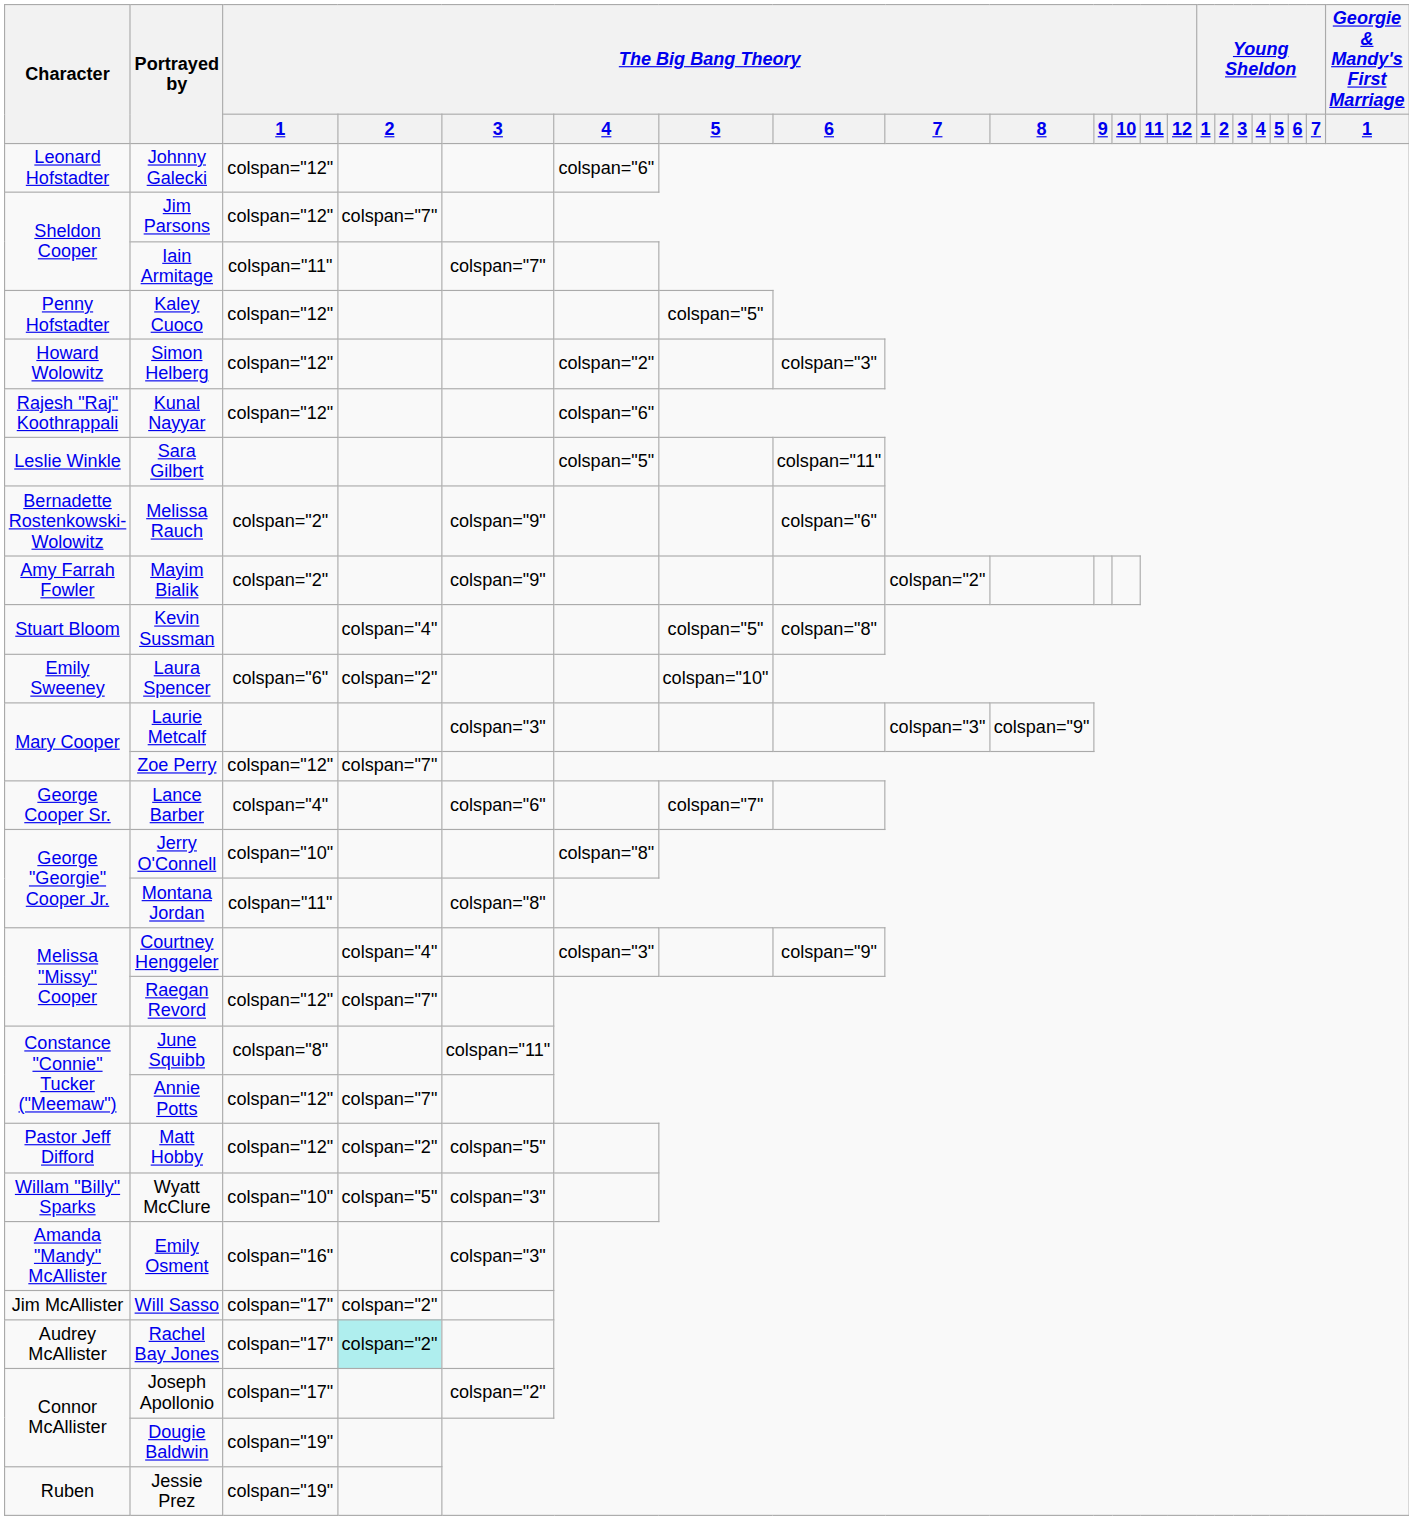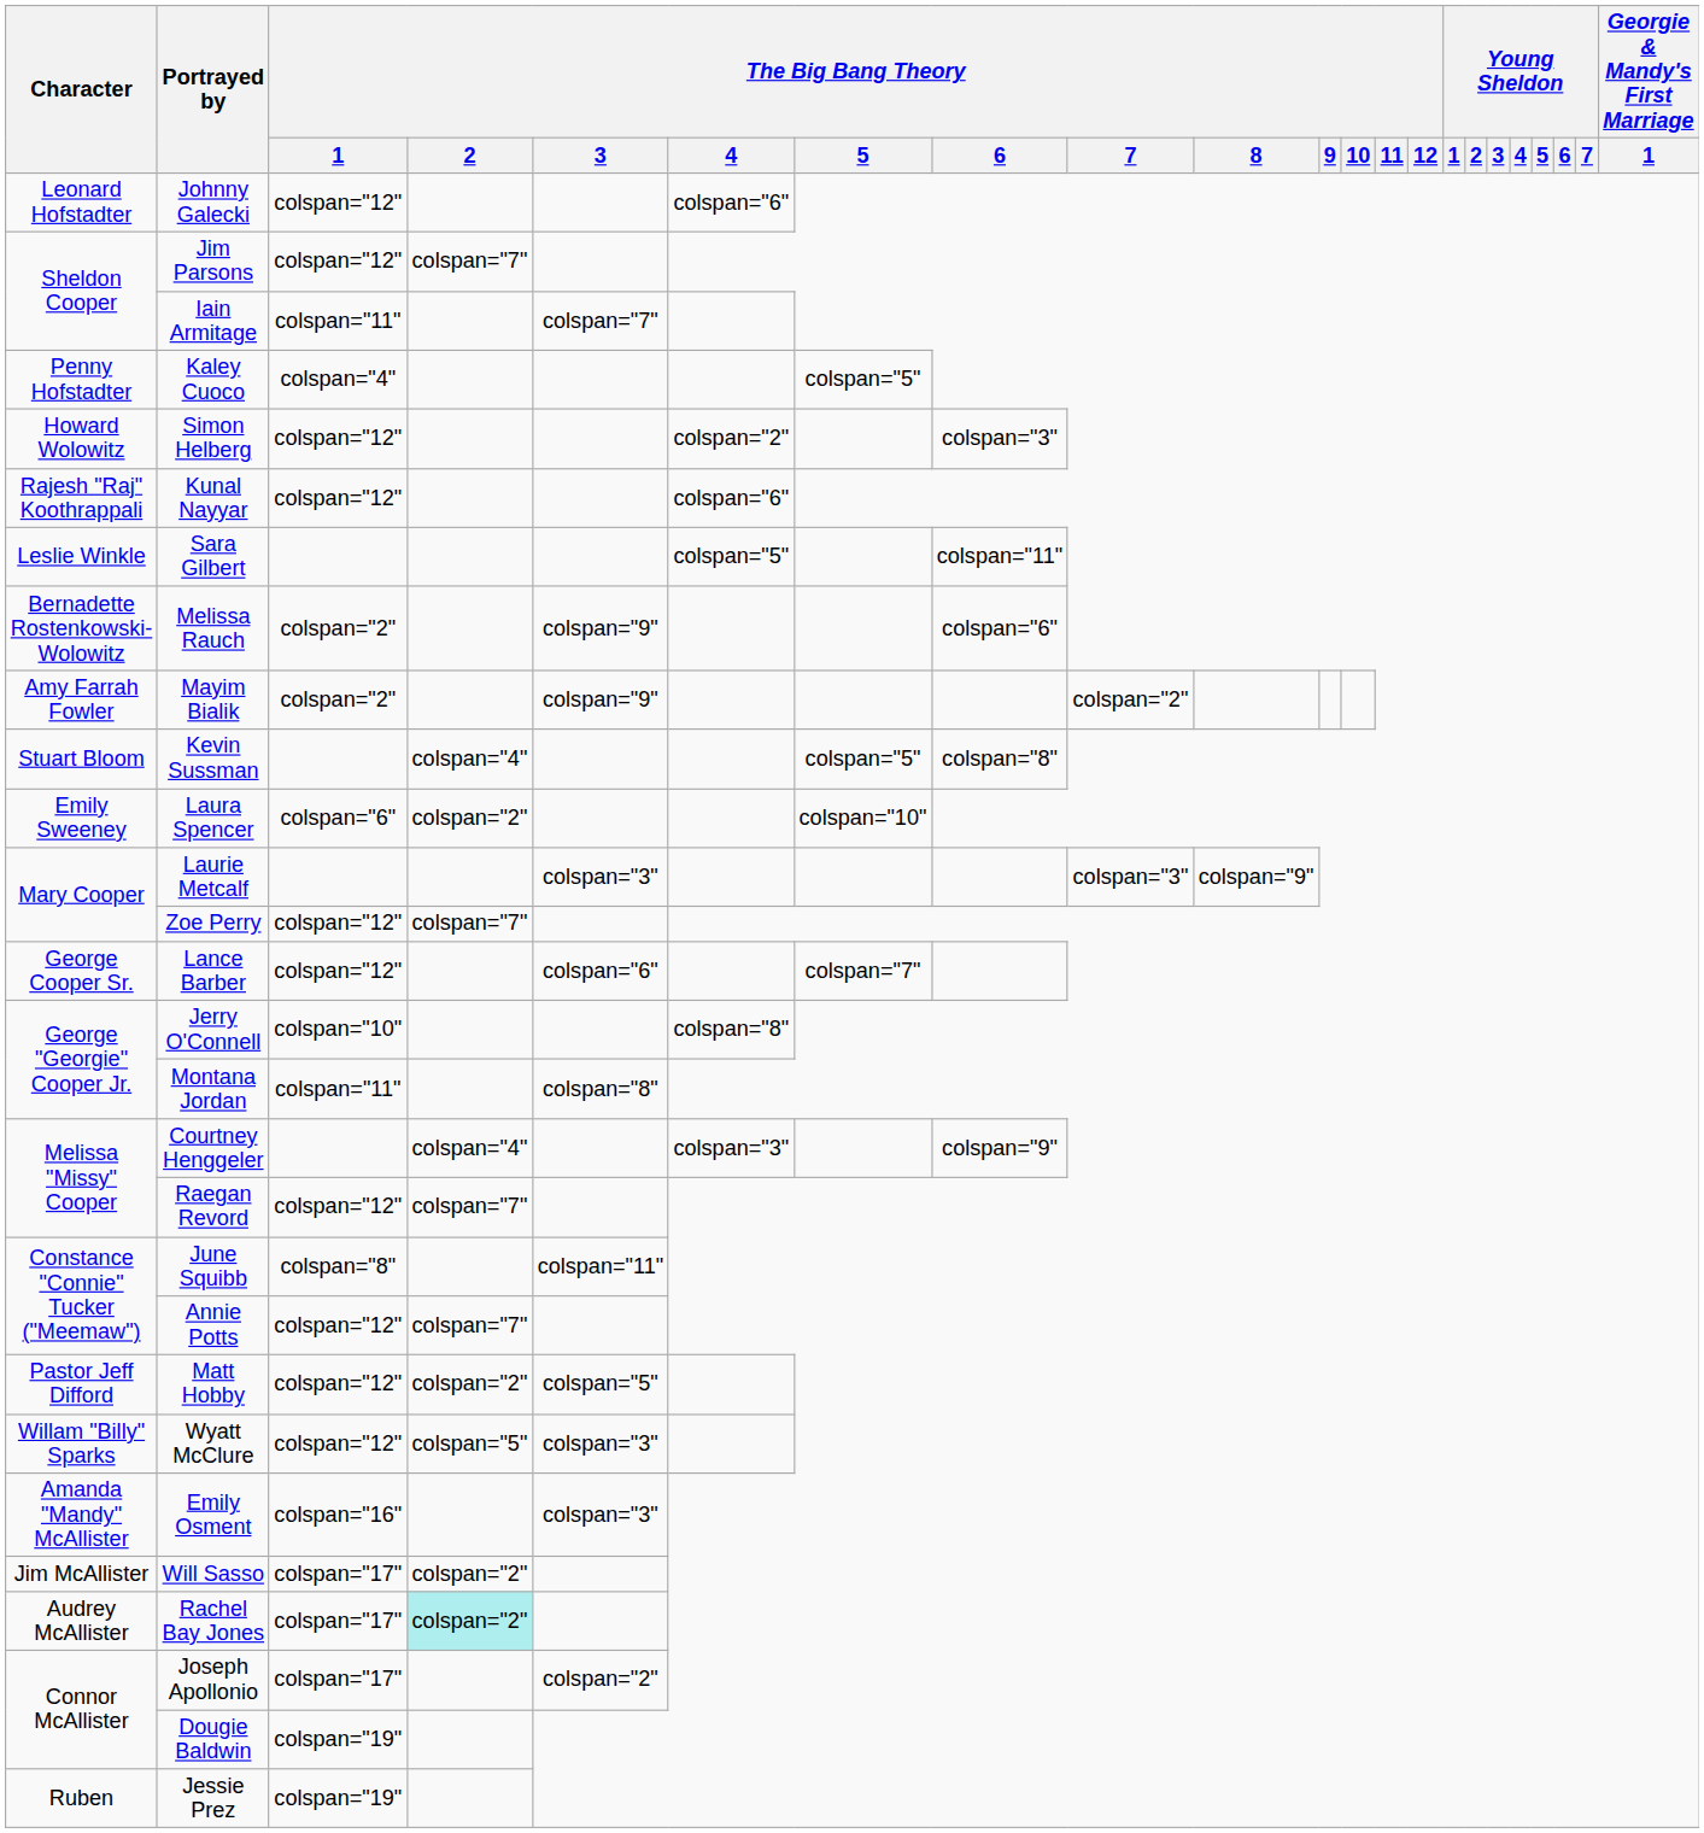 <table class="wikitable plainrowheaders" style="text-align:center;">
 <tr>
 <th scope="col" rowspan="2" style="width:240px;">Character</th>
 <th scope="col" rowspan="2" style="width:160px;">Portrayed by</th>
 <th scope="col" colspan="12"><em><a href='#'>The Big Bang Theory</a></em></th>
 <th scope="col" colspan="7"><em><a href='#'>Young Sheldon</a></em></th>
 <th scope="col"><em><a href='#'>Georgie & Mandy's First Marriage</a></em></th>
 </tr>
 <tr>
 <th scope="col" style="width:60px;"><a href='#'>1</a></th>
 <th scope="col" style="width:60px;"><a href='#'>2</a></th>
 <th scope="col" style="width:60px;"><a href='#'>3</a></th>
 <th scope="col" style="width:60px;"><a href='#'>4</a></th>
 <th scope="col" style="width:60px;"><a href='#'>5</a></th>
 <th scope="col" style="width:60px;"><a href='#'>6</a></th>
 <th scope="col" style="width:60px;"><a href='#'>7</a></th>
 <th scope="col" style="width:60px;"><a href='#'>8</a></th>
 <th scope="col" style="width:60px;"><a href='#'>9</a></th>
 <th scope="col" style="width:60px;"><a href='#'>10</a></th>
 <th scope="col" style="width:60px;"><a href='#'>11</a></th>
 <th scope="col" style="width:60px;"><a href='#'>12</a></th>
 <th scope="col" style="width:60px;"><a href='#'>1</a></th>
 <th scope="col" style="width:60px;"><a href='#'>2</a></th>
 <th scope="col" style="width:60px;"><a href='#'>3</a></th>
 <th scope="col" style="width:60px;"><a href='#'>4</a></th>
 <th scope="col" style="width:60px;"><a href='#'>5</a></th>
 <th scope="col" style="width:60px;"><a href='#'>6</a></th>
 <th scope="col" style="width:60px;"><a href='#'>7</a></th>
 <th scope="col" style="width:60px;"><a href='#'>1</a></th>
 </tr>
 <tr>
 <td><a href='#'>Leonard Hofstadter</a><br></td>
 <td><a href='#'>Johnny Galecki</a></td>
 <td>colspan="12" </td>
 <td></td>
 <td></td>
 <td>colspan="6" </td>
 </tr>
 <tr>
 <td rowspan="2"><a href='#'>Sheldon Cooper</a></td>
 <td><a href='#'>Jim Parsons</a></td>
 <td>colspan="12" </td>
 <td>colspan="7" </td>
 <td></td>
 </tr>
 <tr>
 <td><a href='#'>Iain Armitage</a></td>
 <td>colspan="11" </td>
 <td></td>
 <td>colspan="7" </td>
 <td></td>
 </tr>
 <tr>
 <td><a href='#'>Penny Hofstadter</a></td>
 <td><a href='#'>Kaley Cuoco</a></td>
-<td>colspan="12" </td>
+<td>colspan="4" </td>
 <td></td>
 <td></td>
 <td></td>
 <td>colspan="5" </td>
 </tr>
 <tr>
 <td><a href='#'>Howard Wolowitz</a></td>
 <td><a href='#'>Simon Helberg</a></td>
 <td>colspan="12" </td>
 <td></td>
 <td></td>
 <td>colspan="2" </td>
 <td></td>
 <td>colspan="3" </td>
 </tr>
 <tr>
 <td><a href='#'>Rajesh "Raj" Koothrappali</a></td>
 <td><a href='#'>Kunal Nayyar</a></td>
 <td>colspan="12" </td>
 <td></td>
 <td></td>
 <td>colspan="6" </td>
 </tr>
 <tr>
 <td><a href='#'>Leslie Winkle</a></td>
 <td><a href='#'>Sara Gilbert</a></td>
 <td></td>
 <td></td>
 <td></td>
 <td>colspan="5" </td>
 <td></td>
 <td>colspan="11" </td>
 </tr>
 <tr>
 <td><a href='#'>Bernadette Rostenkowski-Wolowitz</a></td>
 <td><a href='#'>Melissa Rauch</a></td>
 <td>colspan="2" </td>
 <td></td>
 <td>colspan="9" </td>
 <td></td>
 <td></td>
 <td>colspan="6" </td>
 </tr>
 <tr>
 <td><a href='#'>Amy Farrah Fowler</a> </td>
 <td><a href='#'>Mayim Bialik</a></td>
 <td>colspan="2" </td>
 <td></td>
 <td>colspan="9" </td>
 <td></td>
 <td></td>
 <td></td>
 <td>colspan="2" </td>
 <td></td>
 <td></td>
 <td></td>
 </tr>
 <tr>
 <td scope="row"><a href='#'>Stuart Bloom</a></td>
 <td><a href='#'>Kevin Sussman</a></td>
 <td></td>
 <td>colspan="4" </td>
 <td></td>
 <td></td>
 <td>colspan="5" </td>
 <td>colspan="8" </td>
 </tr>
 <tr>
 <td><a href='#'>Emily Sweeney</a></td>
 <td><a href='#'>Laura Spencer</a></td>
 <td>colspan="6" </td>
 <td>colspan="2" </td>
 <td></td>
 <td></td>
 <td>colspan="10" </td>
 </tr>
 <tr>
 <td rowspan="2"><a href='#'>Mary Cooper</a></td>
 <td><a href='#'>Laurie Metcalf</a></td>
 <td></td>
 <td></td>
 <td>colspan="3" </td>
 <td></td>
 <td></td>
 <td></td>
 <td>colspan="3" </td>
 <td>colspan="9" </td>
 </tr>
 <tr>
 <td><a href='#'>Zoe Perry</a></td>
 <td>colspan="12" </td>
 <td>colspan="7" </td>
 <td></td>
 </tr>
 <tr>
 <td scope="row"><a href='#'>George Cooper Sr.</a></td>
 <td><a href='#'>Lance Barber</a></td>
-<td>colspan="4" </td>
+<td>colspan="12" </td>
 <td></td>
 <td>colspan="6" </td>
 <td></td>
 <td>colspan="7" </td>
 <td></td>
 </tr>
 <tr>
 <td rowspan ="2"><a href='#'>George "Georgie" Cooper Jr.</a></td>
 <td><a href='#'>Jerry O'Connell</a></td>
 <td>colspan="10" </td>
 <td></td>
 <td></td>
 <td>colspan="8" </td>
 </tr>
 <tr>
 <td><a href='#'>Montana Jordan</a></td>
 <td>colspan="11" </td>
 <td></td>
 <td>colspan="8" </td>
 </tr>
 <tr>
 <td rowspan="2"><a href='#'>Melissa "Missy" Cooper</a></td>
 <td><a href='#'>Courtney Henggeler</a></td>
 <td></td>
 <td>colspan="4" </td>
 <td></td>
 <td>colspan="3" </td>
 <td></td>
 <td>colspan="9" </td>
 </tr>
 <tr>
 <td><a href='#'>Raegan Revord</a></td>
 <td>colspan="12" </td>
 <td>colspan="7" </td>
 <td></td>
 </tr>
 <tr>
 <td rowspan="2"><a href='#'>Constance "Connie" Tucker ("Meemaw")</a></td>
 <td><a href='#'>June Squibb</a></td>
 <td>colspan="8"  </td>
 <td></td>
 <td>colspan="11" </td>
 </tr>
 <tr>
 <td><a href='#'>Annie Potts</a></td>
 <td>colspan="12" </td>
 <td>colspan="7" </td>
 <td></td>
 </tr>
 <tr>
 <td><a href='#'>Pastor Jeff Difford</a></td>
 <td><a href='#'>Matt Hobby</a></td>
 <td>colspan="12" </td>
 <td>colspan="2" </td>
 <td>colspan="5" </td>
 <td></td>
 </tr>
 <tr>
 <td scope="row"><a href='#'>Willam "Billy" Sparks</a></td>
 <td>Wyatt McClure</td>
-<td>colspan="10" </td>
+<td>colspan="12" </td>
 <td>colspan="5" </td>
 <td>colspan="3" </td>
 <td></td>
 </tr>
 <tr>
 <td scope="row"><a href='#'>Amanda "Mandy" McAllister</a></td>
 <td><a href='#'>Emily Osment</a></td>
 <td>colspan="16" </td>
 <td></td>
 <td>colspan="3" </td>
 </tr>
 <tr>
 <td scope="row">Jim McAllister</td>
 <td><a href='#'>Will Sasso</a></td>
 <td>colspan="17" </td>
 <td>colspan="2" </td>
 <td></td>
 </tr>
 <tr>
 <td scope="row">Audrey McAllister</td>
 <td><a href='#'>Rachel Bay Jones</a></td>
 <td>colspan="17" </td>
 <td style="background: paleturquoise;">colspan="2" </td>
 <td></td>
 </tr>
 <tr>
 <td rowspan="2">Connor McAllister</td>
 <td>Joseph Apollonio</td>
 <td>colspan="17" </td>
 <td></td>
 <td>colspan="2"  </td>
 </tr>
 <tr>
 <td><a href='#'>Dougie Baldwin</a></td>
 <td>colspan="19" </td>
 <td></td>
 </tr>
 <tr>
 <td scope="row">Ruben</td>
 <td>Jessie Prez</td>
 <td>colspan="19" </td>
 <td></td>
 </tr>
 </table>
